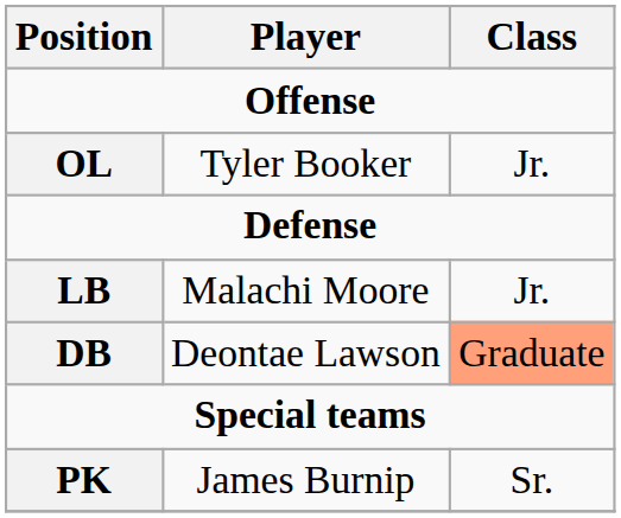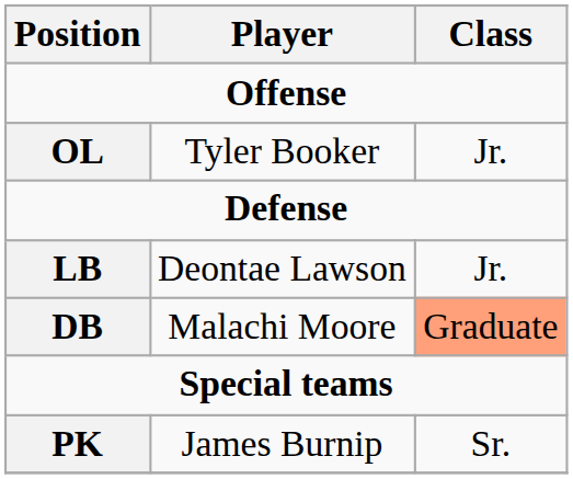 <table class="wikitable">
 <tr>
 <th>Position</th>
 <th>Player</th>
 <th>Class</th>
 </tr>
 <tr>
 <td colspan="4" style="text-align:center; "><strong>Offense</strong></td>
 </tr>
 <tr style="text-align:center;">
 <th rowspan="1">OL</th>
 <td>Tyler Booker</td>
 <td>Jr.</td>
 </tr>
 <tr>
 <td colspan="4" style="text-align:center; "><strong>Defense</strong></td>
 </tr>
 <tr style="text-align:center;">
 <th rowspan="1">LB</th>
-<td>Malachi Moore</td>
+<td>Deontae Lawson</td>
 <td>Jr.</td>
 </tr>
 <tr style="text-align:center;">
 <th rowspan="1">DB</th>
-<td>Deontae Lawson</td>
+<td>Malachi Moore</td>
 <td style="background: lightsalmon;">Graduate</td>
 </tr>
 <tr>
 <td colspan="4" style="text-align:center; "><strong>Special teams</strong></td>
 </tr>
 <tr style="text-align:center;">
 <th rowspan="1">PK</th>
 <td>James Burnip</td>
 <td>Sr.</td>
 </tr>
 <tr>
 </tr>
 </table>
